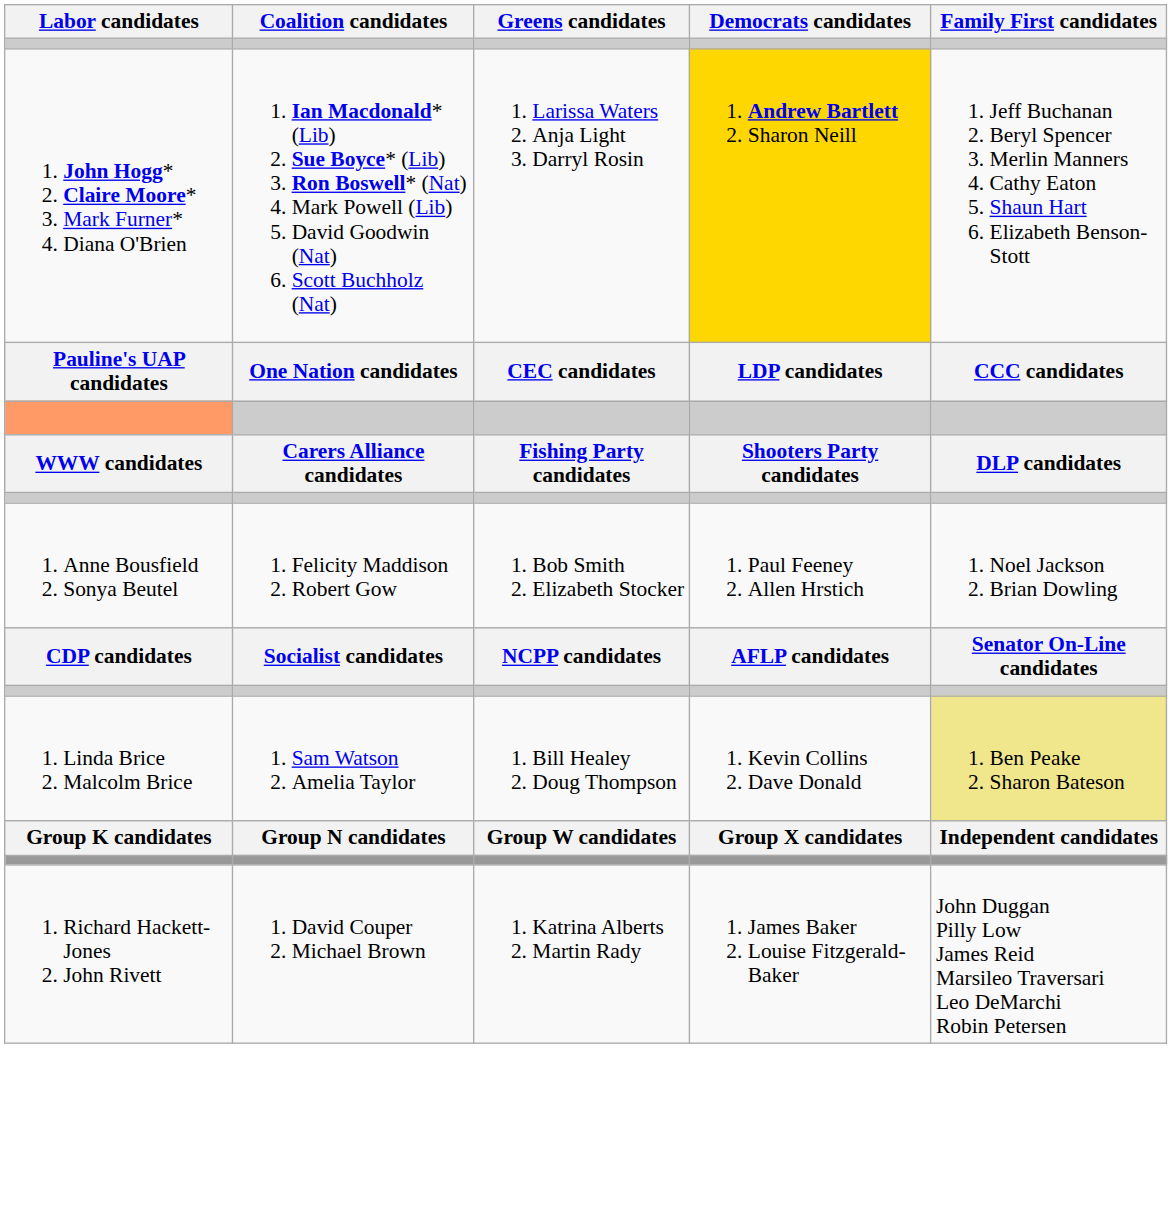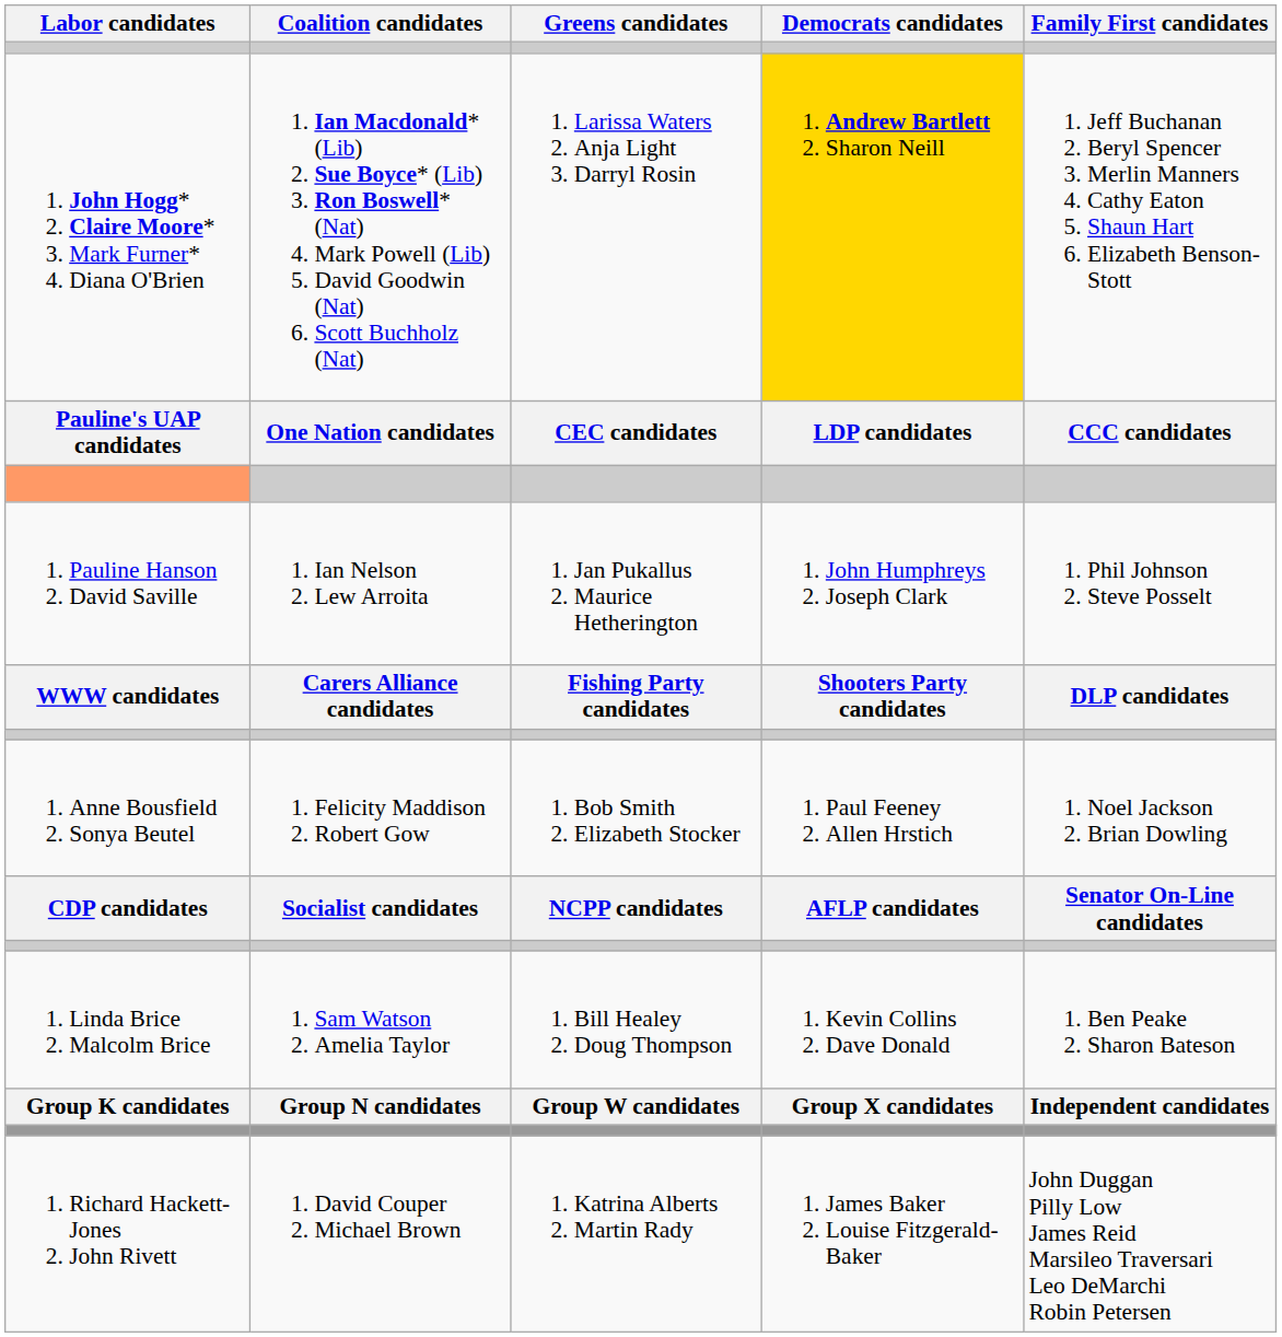 <table class="wikitable">
 <tr>
 <th><a href='#'>Labor</a> candidates</th>
 <th><a href='#'>Coalition</a> candidates</th>
 <th><a href='#'>Greens</a> candidates</th>
 <th><a href='#'>Democrats</a> candidates</th>
 <th><a href='#'>Family First</a> candidates</th>
 </tr>
 <tr style="background:#ccc;">
 <td></td>
 <td></td>
 <td></td>
 <td></td>
 <td></td>
 </tr>
 <tr>
 <td><br><ol><li><strong><a href='#'>John Hogg</a></strong>*</li><li><strong><a href='#'>Claire Moore</a></strong>*</li><li><a href='#'>Mark Furner</a>*</li><li>Diana O'Brien</li></ol></td>
 <td><br><ol><li><strong><a href='#'>Ian Macdonald</a></strong>* (<a href='#'>Lib</a>)</li><li><strong><a href='#'>Sue Boyce</a></strong>* (<a href='#'>Lib</a>)</li><li><strong><a href='#'>Ron Boswell</a></strong>* (<a href='#'>Nat</a>)</li><li>Mark Powell (<a href='#'>Lib</a>)</li><li>David Goodwin (<a href='#'>Nat</a>)</li><li><a href='#'>Scott Buchholz</a> (<a href='#'>Nat</a>)</li></ol></td>
 <td valign=top><br><ol><li><a href='#'>Larissa Waters</a></li><li>Anja Light</li><li>Darryl Rosin</li></ol></td>
 <td valign=top style="background: gold;"><br><ol><li><strong><a href='#'>Andrew Bartlett</a></strong></li><li>Sharon Neill</li></ol></td>
 <td valign=top><br><ol><li>Jeff Buchanan</li><li>Beryl Spencer</li><li>Merlin Manners</li><li>Cathy Eaton</li><li><a href='#'>Shaun Hart</a></li><li>Elizabeth Benson-Stott</li></ol></td>
 </tr>
 <tr style="background:#ccc;">
 <th><a href='#'>Pauline's UAP</a> candidates</th>
 <th><a href='#'>One Nation</a> candidates</th>
 <th><a href='#'>CEC</a> candidates</th>
 <th><a href='#'>LDP</a> candidates</th>
 <th><a href='#'>CCC</a> candidates</th>
 </tr>
 <tr style="background:#ccc;">
 <td style="background:#f96;"></td>
 <td></td>
 <td></td>
 <td></td>
 <td> </td>
+</tr>
+<tr>
+<td valign=top><br><ol><li><a href='#'>Pauline Hanson</a></li><li>David Saville</li></ol></td>
+<td valign=top><br><ol><li>Ian Nelson</li><li>Lew Arroita</li></ol></td>
+<td valign=top><br><ol><li>Jan Pukallus</li><li>Maurice Hetherington</li></ol></td>
+<td valign=top><br><ol><li><a href='#'>John Humphreys</a></li><li>Joseph Clark</li></ol></td>
+<td valign=top><br><ol><li>Phil Johnson</li><li>Steve Posselt</li></ol></td>
 </tr>
 <tr style="background:#ccc;">
 <th><a href='#'>WWW</a> candidates</th>
 <th><a href='#'>Carers Alliance</a> candidates</th>
 <th><a href='#'>Fishing Party</a> candidates</th>
 <th><a href='#'>Shooters Party</a> candidates</th>
 <th><a href='#'>DLP</a> candidates</th>
 </tr>
 <tr style="background:#ccc;">
 <td></td>
 <td></td>
 <td></td>
 <td></td>
 <td></td>
 </tr>
 <tr>
 <td valign=top><br><ol><li>Anne Bousfield</li><li>Sonya Beutel</li></ol></td>
 <td valign=top><br><ol><li>Felicity Maddison</li><li>Robert Gow</li></ol></td>
 <td valign=top><br><ol><li>Bob Smith</li><li>Elizabeth Stocker</li></ol></td>
 <td valign=top><br><ol><li>Paul Feeney</li><li>Allen Hrstich</li></ol></td>
 <td valign=top><br><ol><li>Noel Jackson</li><li>Brian Dowling</li></ol></td>
 </tr>
 <tr style="background:#ccc;">
 <th><a href='#'>CDP</a> candidates</th>
 <th><a href='#'>Socialist</a> candidates</th>
 <th><a href='#'>NCPP</a> candidates</th>
 <th><a href='#'>AFLP</a> candidates</th>
 <th><a href='#'>Senator On-Line</a> candidates</th>
 </tr>
 <tr style="background:#ccc;">
 <td></td>
 <td></td>
 <td></td>
 <td></td>
 <td></td>
 </tr>
 <tr>
 <td valign=top><br><ol><li>Linda Brice</li><li>Malcolm Brice</li></ol></td>
 <td valign=top><br><ol><li><a href='#'>Sam Watson</a></li><li>Amelia Taylor</li></ol></td>
 <td valign=top><br><ol><li>Bill Healey</li><li>Doug Thompson</li></ol></td>
 <td valign=top><br><ol><li>Kevin Collins</li><li>Dave Donald</li></ol></td>
-<td valign=top style="background: khaki;"><br><ol><li>Ben Peake</li><li>Sharon Bateson</li></ol></td>
+<td valign=top><br><ol><li>Ben Peake</li><li>Sharon Bateson</li></ol></td>
 </tr>
 <tr style="background:#ccc;">
 <th>Group K candidates</th>
 <th>Group N candidates</th>
 <th>Group W candidates</th>
 <th>Group X candidates</th>
 <th>Independent candidates</th>
 </tr>
 <tr style=" background:#999;">
 <td></td>
 <td style="background:#999;"></td>
 <td style="background:#999;"></td>
 <td style="background:#999;"></td>
 <td style="background:#999;"></td>
 </tr>
 <tr>
 <td valign=top><br><ol><li>Richard Hackett-Jones</li><li>John Rivett</li></ol></td>
 <td valign=top><br><ol><li>David Couper</li><li>Michael Brown</li></ol></td>
 <td valign=top><br><ol><li>Katrina Alberts</li><li>Martin Rady</li></ol></td>
 <td valign=top><br><ol><li>James Baker</li><li>Louise Fitzgerald-Baker</li></ol></td>
 <td valign=top><br>John Duggan<br> Pilly Low<br> James Reid<br> Marsileo Traversari<br> Leo DeMarchi<br> Robin Petersen<br></td>
 </tr>
 </table>
